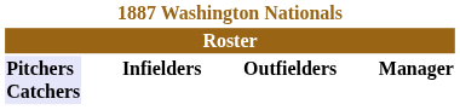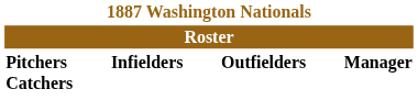 <table class="toccolours" style="font-size: 95%;">
 <tr>
 <th colspan="10" style="background-color: #white; color: #996515; text-align: center;">1887 Washington Nationals</th>
 </tr>
 <tr>
 <td colspan="10" style="background-color: #996515; color: white; text-align: center;"><strong>Roster</strong></td>
 </tr>
 <tr>
-<td valign="top" style="background: lavender;"><strong>Pitchers</strong><br>     <strong>Catchers</strong>    </td>
+<td valign="top"><strong>Pitchers</strong><br>     <strong>Catchers</strong>    </td>
 <td width="25px"></td>
 <td valign="top"><strong>Infielders</strong><br>       </td>
 <td width="25px"></td>
 <td valign="top"><strong>Outfielders</strong><br>   </td>
 <td width="25px"></td>
 <td valign="top"><strong>Manager</strong><br></td>
 </tr>
 </table>
